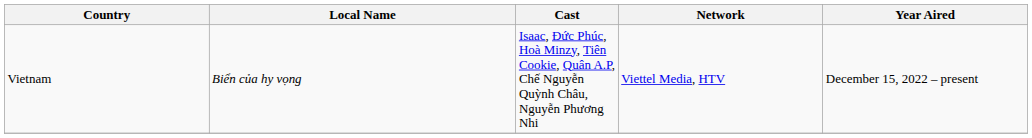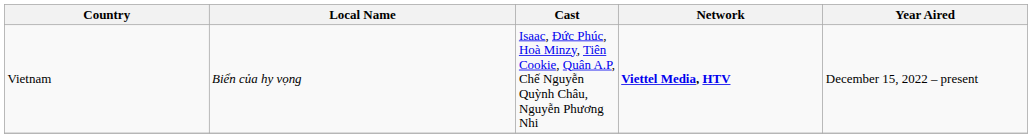 <table class=wikitable font-size:100% style="width:100%">
 <tr>
 <th width="20%">Country</th>
 <th width="30%">Local Name</th>
 <th width="10%">Cast</th>
 <th width="20%">Network</th>
 <th width="30%">Year Aired</th>
 </tr>
 <tr>
 <td>Vietnam</td>
 <td><em>Biển của hy vọng</em></td>
 <td><a href='#'>Isaac</a>, <a href='#'>Đức Phúc</a>, <a href='#'>Hoà Minzy</a>, <a href='#'>Tiên Cookie</a>, <a href='#'>Quân A.P</a>, Chế Nguyễn Quỳnh Châu, Nguyễn Phương Nhi</td>
-<td><a href='#'>Viettel Media</a>, <a href='#'>HTV</a></td>
+<td><strong><a href='#'>Viettel Media</a>, <a href='#'>HTV</a></strong></td>
 <td>December 15, 2022 – present</td>
 </tr>
 <tr>
 </tr>
 </table>
